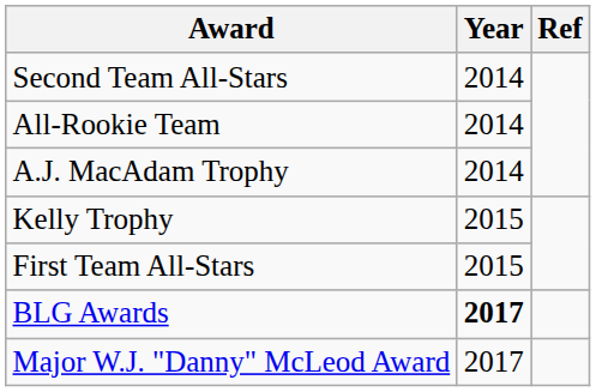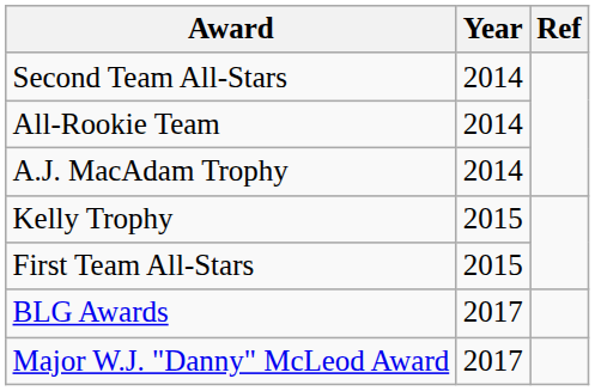 <table class="wikitable">
 <tr>
 <th>Award</th>
 <th>Year</th>
 <th>Ref</th>
 </tr>
 <tr>
 <td>Second Team All-Stars</td>
 <td>2014</td>
 <td rowspan="3"></td>
 </tr>
 <tr>
 <td>All-Rookie Team</td>
 <td>2014</td>
 </tr>
 <tr>
 <td>A.J. MacAdam Trophy</td>
 <td>2014</td>
 </tr>
 <tr>
 <td>Kelly Trophy</td>
 <td>2015</td>
 <td rowspan="2"></td>
 </tr>
 <tr>
 <td>First Team All-Stars</td>
 <td>2015</td>
 </tr>
 <tr>
 <td><a href='#'>BLG Awards</a></td>
-<td><strong>2017</strong></td>
+<td>2017</td>
 <td></td>
 </tr>
 <tr>
 <td><a href='#'>Major W.J. "Danny" McLeod Award</a></td>
 <td>2017</td>
 <td></td>
 </tr>
 </table>
